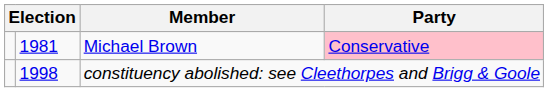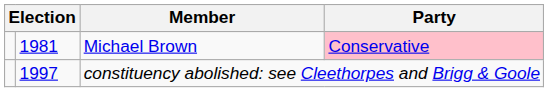 <table class="wikitable">
 <tr>
 <th colspan="2">Election</th>
 <th>Member</th>
 <th>Party</th>
 </tr>
 <tr>
 <td style="color:inherit;background-color: "></td>
 <td><a href='#'>1981</a></td>
 <td><a href='#'>Michael Brown</a></td>
 <td style="background: pink;"><a href='#'>Conservative</a></td>
 </tr>
 <tr>
 <td></td>
-<td><a href='#'>1998</a></td>
+<td><a href='#'>1997</a></td>
 <td colspan="2"><em>constituency abolished: see <a href='#'>Cleethorpes</a> and <a href='#'>Brigg & Goole</a></em></td>
 </tr>
 </table>
